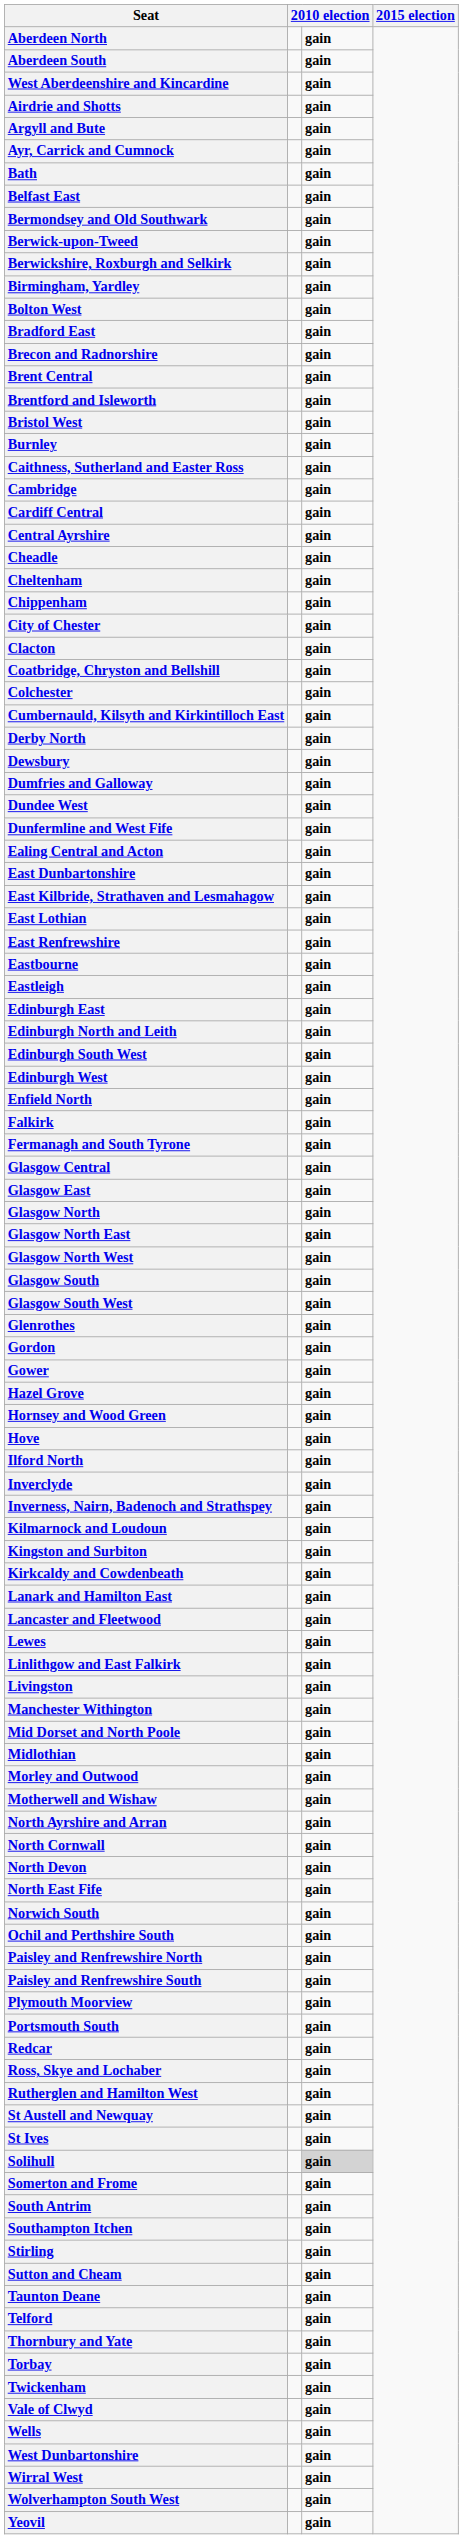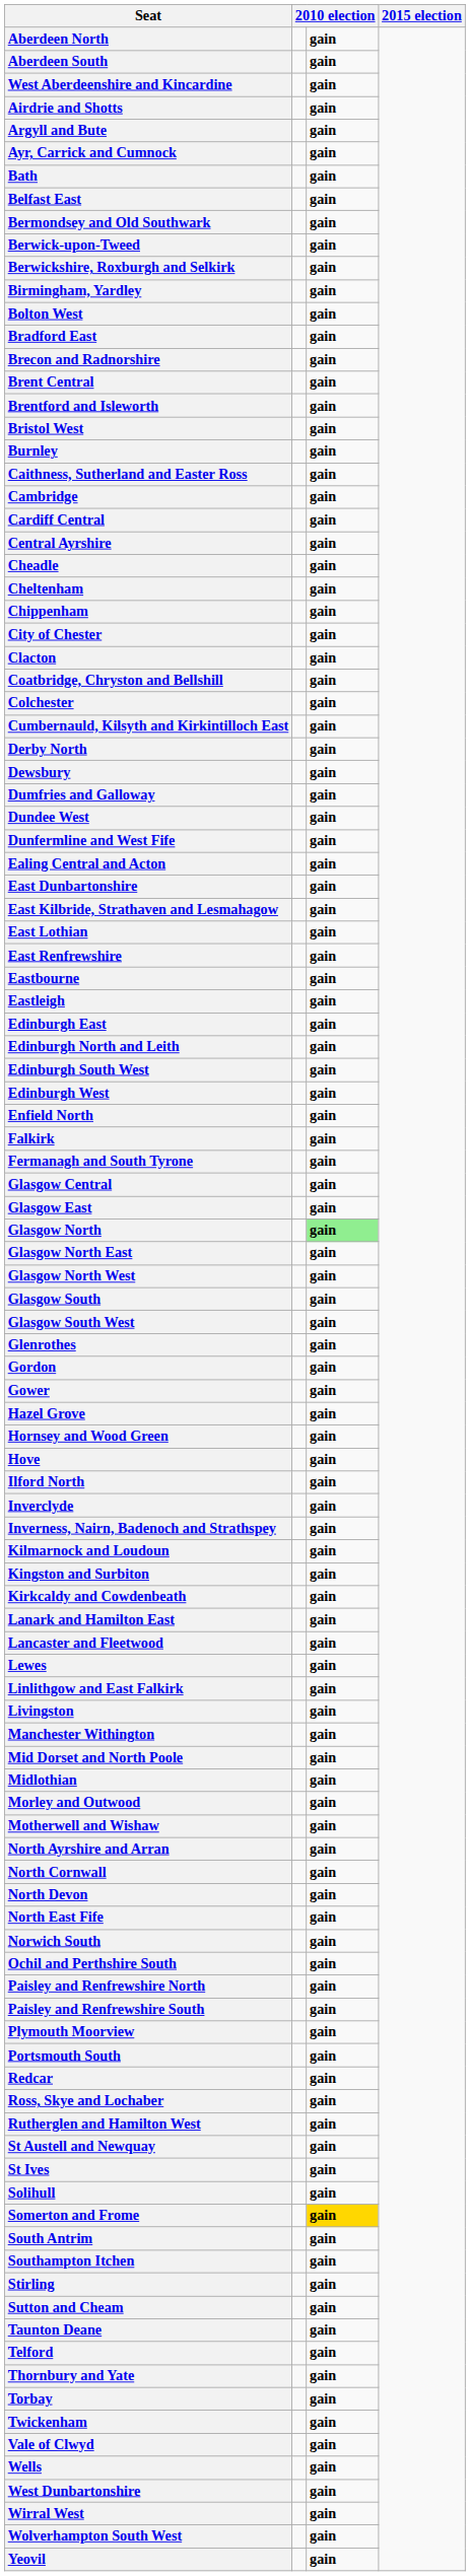 <table class="wikitable sortable">
 <tr>
 <th scope="col">Seat</th>
 <th colspan=2><a href='#'>2010 election</a></th>
 <th colspan=2><a href='#'>2015 election</a></th>
 </tr>
 <tr>
 <th scope="row" style="text-align: left;"><a href='#'>Aberdeen North</a></th>
 <td></td>
 <td> <strong>gain</strong></td>
 </tr>
 <tr>
 <th scope="row" style="text-align: left;"><a href='#'>Aberdeen South</a></th>
 <td></td>
 <td> <strong>gain</strong></td>
 </tr>
 <tr>
 <th scope="row" style="text-align: left;"><a href='#'>West Aberdeenshire and Kincardine</a></th>
 <td></td>
 <td> <strong>gain</strong></td>
 </tr>
 <tr>
 <th scope="row" style="text-align: left;"><a href='#'>Airdrie and Shotts</a></th>
 <td></td>
 <td> <strong>gain</strong></td>
 </tr>
 <tr>
 <th scope="row" style="text-align: left;"><a href='#'>Argyll and Bute</a></th>
 <td></td>
 <td> <strong>gain</strong></td>
 </tr>
 <tr>
 <th scope="row" style="text-align: left;"><a href='#'>Ayr, Carrick and Cumnock</a></th>
 <td></td>
 <td> <strong>gain</strong></td>
 </tr>
 <tr>
 <th scope="row" style="text-align: left;"><a href='#'>Bath</a></th>
 <td></td>
 <td> <strong>gain</strong></td>
 </tr>
 <tr>
 <th scope="row" style="text-align: left;"><a href='#'>Belfast East</a></th>
 <td></td>
 <td> <strong>gain</strong></td>
 </tr>
 <tr>
 <th scope="row" style="text-align: left;"><a href='#'>Bermondsey and Old Southwark</a></th>
 <td></td>
 <td> <strong>gain</strong></td>
 </tr>
 <tr>
 <th scope="row" style="text-align: left;"><a href='#'>Berwick-upon-Tweed</a></th>
 <td></td>
 <td> <strong>gain</strong></td>
 </tr>
 <tr>
 <th scope="row" style="text-align: left;"><a href='#'>Berwickshire, Roxburgh and Selkirk</a></th>
 <td></td>
 <td> <strong>gain</strong></td>
 </tr>
 <tr>
 <th scope="row" style="text-align: left;"><a href='#'>Birmingham, Yardley</a></th>
 <td></td>
 <td> <strong>gain</strong></td>
 </tr>
 <tr>
 <th scope="row" style="text-align: left;"><a href='#'>Bolton West</a></th>
 <td></td>
 <td> <strong>gain</strong></td>
 </tr>
 <tr>
 <th scope="row" style="text-align: left;"><a href='#'>Bradford East</a></th>
 <td></td>
 <td> <strong>gain</strong></td>
 </tr>
 <tr>
 <th scope="row" style="text-align: left;"><a href='#'>Brecon and Radnorshire</a></th>
 <td></td>
 <td> <strong>gain</strong></td>
 </tr>
 <tr>
 <th scope="row" style="text-align: left;"><a href='#'>Brent Central</a></th>
 <td></td>
 <td> <strong>gain</strong></td>
 </tr>
 <tr>
 <th scope="row" style="text-align: left;"><a href='#'>Brentford and Isleworth</a></th>
 <td></td>
 <td> <strong>gain</strong></td>
 </tr>
 <tr>
 <th scope="row" style="text-align: left;"><a href='#'>Bristol West</a></th>
 <td></td>
 <td> <strong>gain</strong></td>
 </tr>
 <tr>
 <th scope="row" style="text-align: left;"><a href='#'>Burnley</a></th>
 <td></td>
 <td> <strong>gain</strong></td>
 </tr>
 <tr>
 <th scope="row" style="text-align: left;"><a href='#'>Caithness, Sutherland and Easter Ross</a></th>
 <td></td>
 <td> <strong>gain</strong></td>
 </tr>
 <tr>
 <th scope="row" style="text-align: left;"><a href='#'>Cambridge</a></th>
 <td></td>
 <td> <strong>gain</strong></td>
 </tr>
 <tr>
 <th scope="row" style="text-align: left;"><a href='#'>Cardiff Central</a></th>
 <td></td>
 <td> <strong>gain</strong></td>
 </tr>
 <tr>
 <th scope="row" style="text-align: left;"><a href='#'>Central Ayrshire</a></th>
 <td></td>
 <td> <strong>gain</strong></td>
 </tr>
 <tr>
 <th scope="row" style="text-align: left;"><a href='#'>Cheadle</a></th>
 <td></td>
 <td> <strong>gain</strong></td>
 </tr>
 <tr>
 <th scope="row" style="text-align: left;"><a href='#'>Cheltenham</a></th>
 <td></td>
 <td> <strong>gain</strong></td>
 </tr>
 <tr>
 <th scope="row" style="text-align: left;"><a href='#'>Chippenham</a></th>
 <td></td>
 <td> <strong>gain</strong></td>
 </tr>
 <tr>
 <th scope="row" style="text-align: left;"><a href='#'>City of Chester</a></th>
 <td></td>
 <td> <strong>gain</strong></td>
 </tr>
 <tr>
 <th scope="row" style="text-align: left;"><a href='#'>Clacton</a></th>
 <td></td>
 <td> <strong>gain</strong></td>
 </tr>
 <tr>
 <th scope="row" style="text-align: left;"><a href='#'>Coatbridge, Chryston and Bellshill</a></th>
 <td></td>
 <td> <strong>gain</strong></td>
 </tr>
 <tr>
 <th scope="row" style="text-align: left;"><a href='#'>Colchester</a></th>
 <td></td>
 <td> <strong>gain</strong></td>
 </tr>
 <tr>
 <th scope="row" style="text-align: left;"><a href='#'>Cumbernauld, Kilsyth and Kirkintilloch East</a></th>
 <td></td>
 <td> <strong>gain</strong></td>
 </tr>
 <tr>
 <th scope="row" style="text-align: left;"><a href='#'>Derby North</a></th>
 <td></td>
 <td> <strong>gain</strong></td>
 </tr>
 <tr>
 <th scope="row" style="text-align: left;"><a href='#'>Dewsbury</a></th>
 <td></td>
 <td> <strong>gain</strong></td>
 </tr>
 <tr>
 <th scope="row" style="text-align: left;"><a href='#'>Dumfries and Galloway</a></th>
 <td></td>
 <td> <strong>gain</strong></td>
 </tr>
 <tr>
 <th scope="row" style="text-align: left;"><a href='#'>Dundee West</a></th>
 <td></td>
 <td> <strong>gain</strong></td>
 </tr>
 <tr>
 <th scope="row" style="text-align: left;"><a href='#'>Dunfermline and West Fife</a></th>
 <td></td>
 <td> <strong>gain</strong></td>
 </tr>
 <tr>
 <th scope="row" style="text-align: left;"><a href='#'>Ealing Central and Acton</a></th>
 <td></td>
 <td> <strong>gain</strong></td>
 </tr>
 <tr>
 <th scope="row" style="text-align: left;"><a href='#'>East Dunbartonshire</a></th>
 <td></td>
 <td> <strong>gain</strong></td>
 </tr>
 <tr>
 <th scope="row" style="text-align: left;"><a href='#'>East Kilbride, Strathaven and Lesmahagow</a></th>
 <td></td>
 <td> <strong>gain</strong></td>
 </tr>
 <tr>
 <th scope="row" style="text-align: left;"><a href='#'>East Lothian</a></th>
 <td></td>
 <td> <strong>gain</strong></td>
 </tr>
 <tr>
 <th scope="row" style="text-align: left;"><a href='#'>East Renfrewshire</a></th>
 <td></td>
 <td> <strong>gain</strong></td>
 </tr>
 <tr>
 <th scope="row" style="text-align: left;"><a href='#'>Eastbourne</a></th>
 <td></td>
 <td> <strong>gain</strong></td>
 </tr>
 <tr>
 <th scope="row" style="text-align: left;"><a href='#'>Eastleigh</a></th>
 <td></td>
 <td> <strong>gain</strong></td>
 </tr>
 <tr>
 <th scope="row" style="text-align: left;"><a href='#'>Edinburgh East</a></th>
 <td></td>
 <td> <strong>gain</strong></td>
 </tr>
 <tr>
 <th scope="row" style="text-align: left;"><a href='#'>Edinburgh North and Leith</a></th>
 <td></td>
 <td> <strong>gain</strong></td>
 </tr>
 <tr>
 <th scope="row" style="text-align: left;"><a href='#'>Edinburgh South West</a></th>
 <td></td>
 <td> <strong>gain</strong></td>
 </tr>
 <tr>
 <th scope="row" style="text-align: left;"><a href='#'>Edinburgh West</a></th>
 <td></td>
 <td> <strong>gain</strong></td>
 </tr>
 <tr>
 <th scope="row" style="text-align: left;"><a href='#'>Enfield North</a></th>
 <td></td>
 <td> <strong>gain</strong></td>
 </tr>
 <tr>
 <th scope="row" style="text-align: left;"><a href='#'>Falkirk</a></th>
 <td></td>
 <td> <strong>gain</strong></td>
 </tr>
 <tr>
 <th scope="row" style="text-align: left;"><a href='#'>Fermanagh and South Tyrone</a></th>
 <td></td>
 <td> <strong>gain</strong></td>
 </tr>
 <tr>
 <th scope="row" style="text-align: left;"><a href='#'>Glasgow Central</a></th>
 <td></td>
 <td> <strong>gain</strong></td>
 </tr>
 <tr>
 <th scope="row" style="text-align: left;"><a href='#'>Glasgow East</a></th>
 <td></td>
 <td> <strong>gain</strong></td>
 </tr>
 <tr>
 <th scope="row" style="text-align: left;"><a href='#'>Glasgow North</a></th>
 <td></td>
-<td> <strong>gain</strong></td>
+<td style="background: lightgreen;"> <strong>gain</strong></td>
 </tr>
 <tr>
 <th scope="row" style="text-align: left;"><a href='#'>Glasgow North East</a></th>
 <td></td>
 <td> <strong>gain</strong></td>
 </tr>
 <tr>
 <th scope="row" style="text-align: left;"><a href='#'>Glasgow North West</a></th>
 <td></td>
 <td> <strong>gain</strong></td>
 </tr>
 <tr>
 <th scope="row" style="text-align: left;"><a href='#'>Glasgow South</a></th>
 <td></td>
 <td> <strong>gain</strong></td>
 </tr>
 <tr>
 <th scope="row" style="text-align: left;"><a href='#'>Glasgow South West</a></th>
 <td></td>
 <td> <strong>gain</strong></td>
 </tr>
 <tr>
 <th scope="row" style="text-align: left;"><a href='#'>Glenrothes</a></th>
 <td></td>
 <td> <strong>gain</strong></td>
 </tr>
 <tr>
 <th scope="row" style="text-align: left;"><a href='#'>Gordon</a></th>
 <td></td>
 <td> <strong>gain</strong></td>
 </tr>
 <tr>
 <th scope="row" style="text-align: left;"><a href='#'>Gower</a></th>
 <td></td>
 <td> <strong>gain</strong></td>
 </tr>
 <tr>
 <th scope="row" style="text-align: left;"><a href='#'>Hazel Grove</a></th>
 <td></td>
 <td> <strong>gain</strong></td>
 </tr>
 <tr>
 <th scope="row" style="text-align: left;"><a href='#'>Hornsey and Wood Green</a></th>
 <td></td>
 <td> <strong>gain</strong></td>
 </tr>
 <tr>
 <th scope="row" style="text-align: left;"><a href='#'>Hove</a></th>
 <td></td>
 <td> <strong>gain</strong></td>
 </tr>
 <tr>
 <th scope="row" style="text-align: left;"><a href='#'>Ilford North</a></th>
 <td></td>
 <td> <strong>gain</strong></td>
 </tr>
 <tr>
 <th scope="row" style="text-align: left;"><a href='#'>Inverclyde</a></th>
 <td></td>
 <td> <strong>gain</strong></td>
 </tr>
 <tr>
 <th scope="row" style="text-align: left;"><a href='#'>Inverness, Nairn, Badenoch and Strathspey</a></th>
 <td></td>
 <td> <strong>gain</strong></td>
 </tr>
 <tr>
 <th scope="row" style="text-align: left;"><a href='#'>Kilmarnock and Loudoun</a></th>
 <td></td>
 <td> <strong>gain</strong></td>
 </tr>
 <tr>
 <th scope="row" style="text-align: left;"><a href='#'>Kingston and Surbiton</a></th>
 <td></td>
 <td> <strong>gain</strong></td>
 </tr>
 <tr>
 <th scope="row" style="text-align: left;"><a href='#'>Kirkcaldy and Cowdenbeath</a></th>
 <td></td>
 <td> <strong>gain</strong></td>
 </tr>
 <tr>
 <th scope="row" style="text-align: left;"><a href='#'>Lanark and Hamilton East</a></th>
 <td></td>
 <td> <strong>gain</strong></td>
 </tr>
 <tr>
 <th scope="row" style="text-align: left;"><a href='#'>Lancaster and Fleetwood</a></th>
 <td></td>
 <td> <strong>gain</strong></td>
 </tr>
 <tr>
 <th scope="row" style="text-align: left;"><a href='#'>Lewes</a></th>
 <td></td>
 <td> <strong>gain</strong></td>
 </tr>
 <tr>
 <th scope="row" style="text-align: left;"><a href='#'>Linlithgow and East Falkirk</a></th>
 <td></td>
 <td> <strong>gain</strong></td>
 </tr>
 <tr>
 <th scope="row" style="text-align: left;"><a href='#'>Livingston</a></th>
 <td></td>
 <td> <strong>gain</strong></td>
 </tr>
 <tr>
 <th scope="row" style="text-align: left;"><a href='#'>Manchester Withington</a></th>
 <td></td>
 <td> <strong>gain</strong></td>
 </tr>
 <tr>
 <th scope="row" style="text-align: left;"><a href='#'>Mid Dorset and North Poole</a></th>
 <td></td>
 <td> <strong>gain</strong></td>
 </tr>
 <tr>
 <th scope="row" style="text-align: left;"><a href='#'>Midlothian</a></th>
 <td></td>
 <td> <strong>gain</strong></td>
 </tr>
 <tr>
 <th scope="row" style="text-align: left;"><a href='#'>Morley and Outwood</a></th>
 <td></td>
 <td> <strong>gain</strong></td>
 </tr>
 <tr>
 <th scope="row" style="text-align: left;"><a href='#'>Motherwell and Wishaw</a></th>
 <td></td>
 <td> <strong>gain</strong></td>
 </tr>
 <tr>
 <th scope="row" style="text-align: left;"><a href='#'>North Ayrshire and Arran</a></th>
 <td></td>
 <td> <strong>gain</strong></td>
 </tr>
 <tr>
 <th scope="row" style="text-align: left;"><a href='#'>North Cornwall</a></th>
 <td></td>
 <td> <strong>gain</strong></td>
 </tr>
 <tr>
 <th scope="row" style="text-align: left;"><a href='#'>North Devon</a></th>
 <td></td>
 <td> <strong>gain</strong></td>
 </tr>
 <tr>
 <th scope="row" style="text-align: left;"><a href='#'>North East Fife</a></th>
 <td></td>
 <td> <strong>gain</strong></td>
 </tr>
 <tr>
 <th scope="row" style="text-align: left;"><a href='#'>Norwich South</a></th>
 <td></td>
 <td> <strong>gain</strong></td>
 </tr>
 <tr>
 <th scope="row" style="text-align: left;"><a href='#'>Ochil and Perthshire South</a></th>
 <td></td>
 <td> <strong>gain</strong></td>
 </tr>
 <tr>
 <th scope="row" style="text-align: left;"><a href='#'>Paisley and Renfrewshire North</a></th>
 <td></td>
 <td> <strong>gain</strong></td>
 </tr>
 <tr>
 <th scope="row" style="text-align: left;"><a href='#'>Paisley and Renfrewshire South</a></th>
 <td></td>
 <td> <strong>gain</strong></td>
 </tr>
 <tr>
 <th scope="row" style="text-align: left;"><a href='#'>Plymouth Moorview</a></th>
 <td></td>
 <td> <strong>gain</strong></td>
 </tr>
 <tr>
 <th scope="row" style="text-align: left;"><a href='#'>Portsmouth South</a></th>
 <td></td>
 <td> <strong>gain</strong></td>
 </tr>
 <tr>
 <th scope="row" style="text-align: left;"><a href='#'>Redcar</a></th>
 <td></td>
 <td> <strong>gain</strong></td>
 </tr>
 <tr>
 <th scope="row" style="text-align: left;"><a href='#'>Ross, Skye and Lochaber</a></th>
 <td></td>
 <td> <strong>gain</strong></td>
 </tr>
 <tr>
 <th scope="row" style="text-align: left;"><a href='#'>Rutherglen and Hamilton West</a></th>
 <td></td>
 <td> <strong>gain</strong></td>
 </tr>
 <tr>
 <th scope="row" style="text-align: left;"><a href='#'>St Austell and Newquay</a></th>
 <td></td>
 <td> <strong>gain</strong></td>
 </tr>
 <tr>
 <th scope="row" style="text-align: left;"><a href='#'>St Ives</a></th>
 <td></td>
 <td> <strong>gain</strong></td>
 </tr>
 <tr>
 <th scope="row" style="text-align: left;"><a href='#'>Solihull</a></th>
 <td></td>
-<td style="background: lightgrey;"> <strong>gain</strong></td>
+<td> <strong>gain</strong></td>
 </tr>
 <tr>
 <th scope="row" style="text-align: left;"><a href='#'>Somerton and Frome</a></th>
 <td></td>
-<td> <strong>gain</strong></td>
+<td style="background: gold;"> <strong>gain</strong></td>
 </tr>
 <tr>
 <th scope="row" style="text-align: left;"><a href='#'>South Antrim</a></th>
 <td></td>
 <td> <strong>gain</strong></td>
 </tr>
 <tr>
 <th scope="row" style="text-align: left;"><a href='#'>Southampton Itchen</a></th>
 <td></td>
 <td> <strong>gain</strong></td>
 </tr>
 <tr>
 <th scope="row" style="text-align: left;"><a href='#'>Stirling</a></th>
 <td></td>
 <td> <strong>gain</strong></td>
 </tr>
 <tr>
 <th scope="row" style="text-align: left;"><a href='#'>Sutton and Cheam</a></th>
 <td></td>
 <td> <strong>gain</strong></td>
 </tr>
 <tr>
 <th scope="row" style="text-align: left;"><a href='#'>Taunton Deane</a></th>
 <td></td>
 <td> <strong>gain</strong></td>
 </tr>
 <tr>
 <th scope="row" style="text-align: left;"><a href='#'>Telford</a></th>
 <td></td>
 <td> <strong>gain</strong></td>
 </tr>
 <tr>
 <th scope="row" style="text-align: left;"><a href='#'>Thornbury and Yate</a></th>
 <td></td>
 <td> <strong>gain</strong></td>
 </tr>
 <tr>
 <th scope="row" style="text-align: left;"><a href='#'>Torbay</a></th>
 <td></td>
 <td> <strong>gain</strong></td>
 </tr>
 <tr>
 <th scope="row" style="text-align: left;"><a href='#'>Twickenham</a></th>
 <td></td>
 <td> <strong>gain</strong></td>
 </tr>
 <tr>
 <th scope="row" style="text-align: left;"><a href='#'>Vale of Clwyd</a></th>
 <td></td>
 <td> <strong>gain</strong></td>
 </tr>
 <tr>
 <th scope="row" style="text-align: left;"><a href='#'>Wells</a></th>
 <td></td>
 <td> <strong>gain</strong></td>
 </tr>
 <tr>
 <th scope="row" style="text-align: left;"><a href='#'>West Dunbartonshire</a></th>
 <td></td>
 <td> <strong>gain</strong></td>
 </tr>
 <tr>
 <th scope="row" style="text-align: left;"><a href='#'>Wirral West</a></th>
 <td></td>
 <td> <strong>gain</strong></td>
 </tr>
 <tr>
 <th scope="row" style="text-align: left;"><a href='#'>Wolverhampton South West</a></th>
 <td></td>
 <td> <strong>gain</strong></td>
 </tr>
 <tr>
 <th scope="row" style="text-align: left;"><a href='#'>Yeovil</a></th>
 <td></td>
 <td> <strong>gain</strong></td>
 </tr>
 </table>
